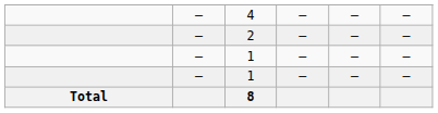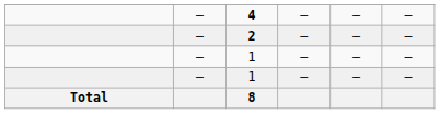 <table class="wikitable sortable" width ="50%">
 <tr align="center">
 </tr>
 <tr align="center" bgcolor="">
 <td></td>
 <td>–</td>
-<td>4</td>
+<td><strong>4</strong></td>
 <td>–</td>
 <td>–</td>
 <td>–</td>
 </tr>
 <tr align="center" bgcolor="f0f0f0">
 <td></td>
 <td>–</td>
-<td>2</td>
+<td><strong>2</strong></td>
 <td>–</td>
 <td>–</td>
 <td>–</td>
 </tr>
 <tr align="center" bgcolor="">
 <td></td>
 <td>–</td>
 <td>1</td>
 <td>–</td>
 <td>–</td>
 <td>–</td>
 </tr>
 <tr align="center" bgcolor="f0f0f0">
 <td></td>
 <td>–</td>
 <td>1</td>
 <td>–</td>
 <td>–</td>
 <td>–</td>
 </tr>
 <tr>
 <th>Total</th>
 <th></th>
 <th>8</th>
 <th></th>
 <th></th>
 <th></th>
 </tr>
 </table>
